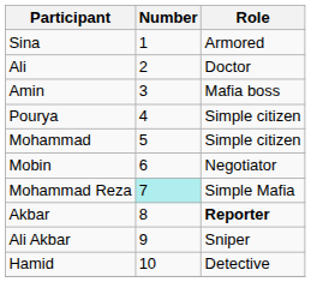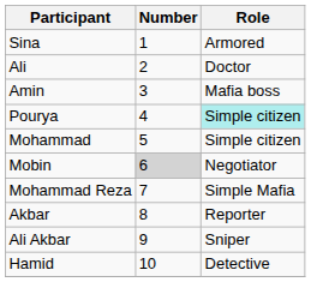 <table class="wikitable">
 <tr>
 <th>Participant</th>
 <th>Number</th>
 <th>Role</th>
 </tr>
 <tr>
 <td>Sina</td>
 <td>1</td>
 <td>Armored</td>
 </tr>
 <tr>
 <td>Ali</td>
 <td>2</td>
 <td>Doctor</td>
 </tr>
 <tr>
 <td>Amin</td>
 <td>3</td>
 <td>Mafia boss</td>
 </tr>
 <tr>
 <td>Pourya</td>
 <td>4</td>
-<td>Simple citizen</td>
+<td style="background: paleturquoise;">Simple citizen</td>
 </tr>
 <tr>
 <td>Mohammad</td>
 <td>5</td>
 <td>Simple citizen</td>
 </tr>
 <tr>
 <td>Mobin</td>
-<td>6</td>
+<td style="background: lightgrey;">6</td>
 <td>Negotiator</td>
 </tr>
 <tr>
 <td>Mohammad Reza</td>
-<td style="background: paleturquoise;">7</td>
+<td>7</td>
 <td>Simple Mafia</td>
 </tr>
 <tr>
 <td>Akbar</td>
 <td>8</td>
-<td><strong>Reporter</strong></td>
+<td>Reporter</td>
 </tr>
 <tr>
 <td>Ali Akbar</td>
 <td>9</td>
 <td>Sniper</td>
 </tr>
 <tr>
 <td>Hamid</td>
 <td>10</td>
 <td>Detective</td>
 </tr>
 <tr>
 </tr>
 </table>
